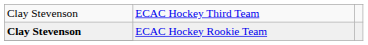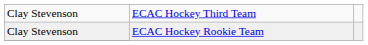 <table class="wikitable" width=40%>
 <tr>
 <td>Clay Stevenson</td>
 <td rowspan=1><a href='#'>ECAC Hockey Third Team</a></td>
 <td rowspan=1></td>
 </tr>
 <tr bgcolor=f0f0f0>
-<td><strong>Clay Stevenson</strong></td>
+<td>Clay Stevenson</td>
 <td rowspan=3><a href='#'>ECAC Hockey Rookie Team</a></td>
 <td rowspan=3></td>
 </tr>
 <tr>
 </tr>
 </table>
